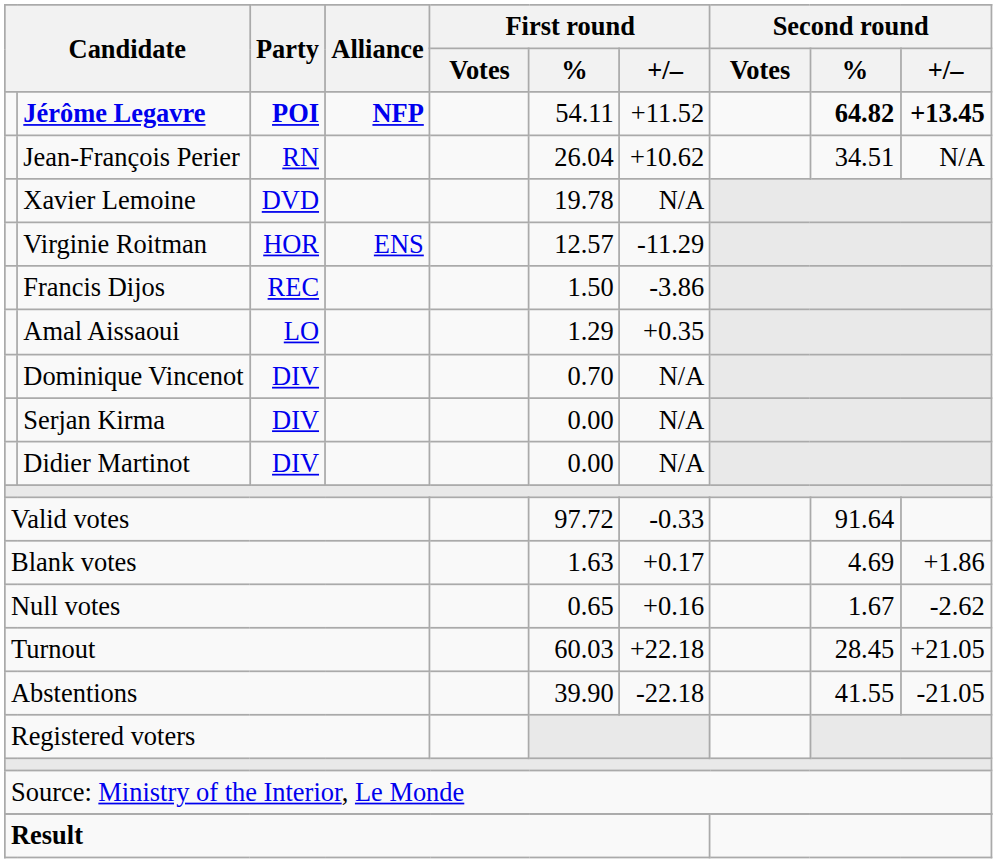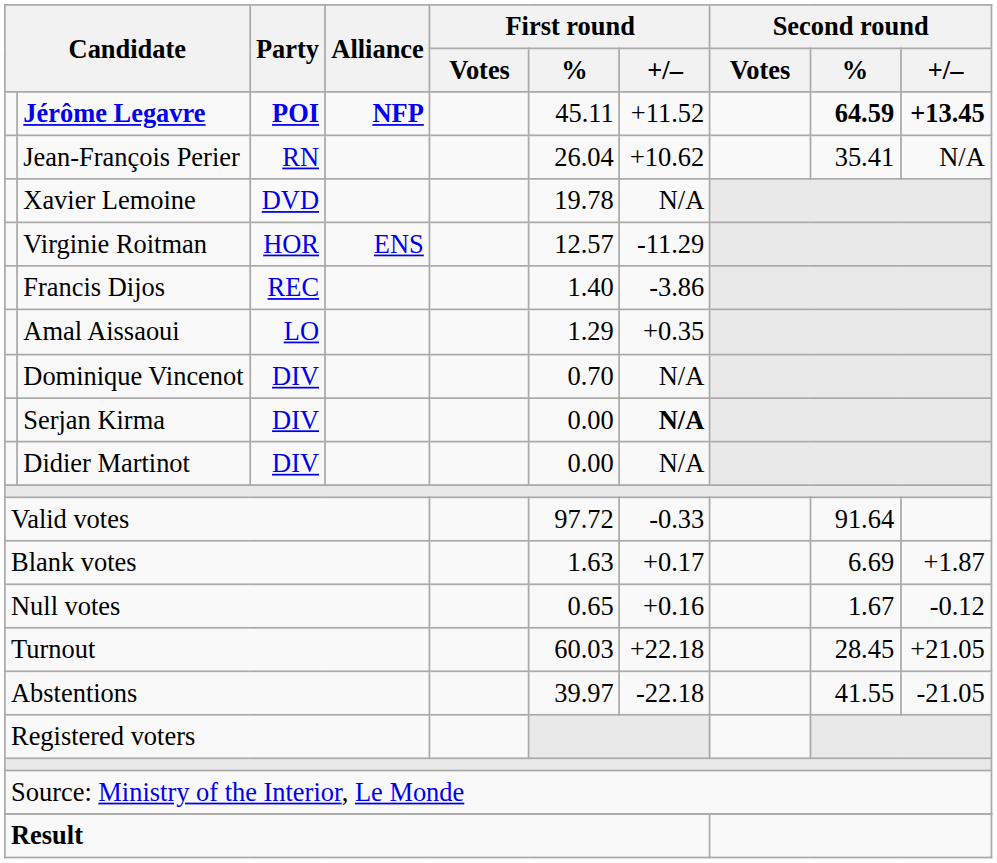 <table class="wikitable" style="text-align:right;font-size:95%;">
 <tr>
 <th rowspan="2" colspan="2">Candidate</th>
 <th rowspan="2">Party</th>
 <th rowspan="2">Alliance</th>
 <th colspan="3">First round</th>
 <th colspan="3">Second round</th>
 </tr>
 <tr>
 <th style="width:50px;">Votes</th>
 <th style="width:45px;">%</th>
 <th style="width:45px;">+/–</th>
 <th style="width:50px;">Votes</th>
 <th style="width:45px;">%</th>
 <th style="width:45px;">+/–</th>
 </tr>
 <tr>
 <td style="color:inherit;background:"></td>
 <td style="text-align:left;"><strong><a href='#'>Jérôme Legavre</a></strong></td>
 <td><a href='#'><strong>POI</strong></a></td>
 <td><a href='#'><strong>NFP</strong></a></td>
 <td></td>
-<td>54.11</td>
+<td>45.11</td>
 <td>+11.52</td>
 <td><strong></strong></td>
-<td><strong>64.82</strong></td>
+<td><strong>64.59</strong></td>
 <td><strong>+13.45</strong></td>
 </tr>
 <tr>
 <td style="color:inherit;background:"></td>
 <td style="text-align:left;">Jean-François Perier</td>
 <td><a href='#'>RN</a></td>
 <td></td>
 <td></td>
 <td>26.04</td>
 <td>+10.62</td>
 <td></td>
-<td>34.51</td>
+<td>35.41</td>
 <td>N/A</td>
 </tr>
 <tr>
 <td style="color:inherit;background:"></td>
 <td style="text-align:left;">Xavier Lemoine</td>
 <td><a href='#'>DVD</a></td>
 <td></td>
 <td></td>
 <td>19.78</td>
 <td>N/A</td>
 <td colspan="3" style="background:#E9E9E9;"></td>
 </tr>
 <tr>
 <td style="color:inherit;background:"></td>
 <td style="text-align:left;">Virginie Roitman</td>
 <td><a href='#'>HOR</a></td>
 <td><a href='#'>ENS</a></td>
 <td></td>
 <td>12.57</td>
 <td>-11.29</td>
 <td colspan="3" style="background:#E9E9E9;"></td>
 </tr>
 <tr>
 <td style="color:inherit;background:"></td>
 <td style="text-align:left;">Francis Dijos</td>
 <td><a href='#'>REC</a></td>
 <td></td>
 <td></td>
-<td>1.50</td>
+<td>1.40</td>
 <td>-3.86</td>
 <td colspan="3" style="background:#E9E9E9;"></td>
 </tr>
 <tr>
 <td style="color:inherit;background:"></td>
 <td style="text-align:left;">Amal Aissaoui</td>
 <td><a href='#'>LO</a></td>
 <td></td>
 <td></td>
 <td>1.29</td>
 <td>+0.35</td>
 <td colspan="3" style="background:#E9E9E9;"></td>
 </tr>
 <tr>
 <td style="color:inherit;background:"></td>
 <td style="text-align:left;">Dominique Vincenot</td>
 <td><a href='#'>DIV</a></td>
 <td></td>
 <td></td>
 <td>0.70</td>
 <td>N/A</td>
 <td colspan="3" style="background:#E9E9E9;"></td>
 </tr>
 <tr>
 <td style="color:inherit;background:"></td>
 <td style="text-align:left;">Serjan Kirma</td>
 <td><a href='#'>DIV</a></td>
 <td></td>
 <td></td>
 <td>0.00</td>
-<td>N/A</td>
+<td><strong>N/A</strong></td>
 <td colspan="3" style="background:#E9E9E9;"></td>
 </tr>
 <tr>
 <td style="color:inherit;background:"></td>
 <td style="text-align:left;">Didier Martinot</td>
 <td><a href='#'>DIV</a></td>
 <td></td>
 <td></td>
 <td>0.00</td>
 <td>N/A</td>
 <td colspan="3" style="background:#E9E9E9;"></td>
 </tr>
 <tr>
 <td colspan="10" style="background:#E9E9E9;"></td>
 </tr>
 <tr>
 <td colspan="4" style="text-align:left;">Valid votes</td>
 <td></td>
 <td>97.72</td>
 <td>-0.33</td>
 <td></td>
 <td>91.64</td>
 <td></td>
 </tr>
 <tr>
 <td colspan="4" style="text-align:left;">Blank votes</td>
 <td></td>
 <td>1.63</td>
 <td>+0.17</td>
 <td></td>
-<td>4.69</td>
-<td>+1.86</td>
+<td>6.69</td>
+<td>+1.87</td>
 </tr>
 <tr>
 <td colspan="4" style="text-align:left;">Null votes</td>
 <td></td>
 <td>0.65</td>
 <td>+0.16</td>
 <td></td>
 <td>1.67</td>
-<td>-2.62</td>
+<td>-0.12</td>
 </tr>
 <tr>
 <td colspan="4" style="text-align:left;">Turnout</td>
 <td></td>
 <td>60.03</td>
 <td>+22.18</td>
 <td></td>
 <td>28.45</td>
 <td>+21.05</td>
 </tr>
 <tr>
 <td colspan="4" style="text-align:left;">Abstentions</td>
 <td></td>
-<td>39.90</td>
+<td>39.97</td>
 <td>-22.18</td>
 <td></td>
 <td>41.55</td>
 <td>-21.05</td>
 </tr>
 <tr>
 <td colspan="4" style="text-align:left;">Registered voters</td>
 <td></td>
 <td colspan="2" style="background:#E9E9E9;"></td>
 <td></td>
 <td colspan="2" style="background:#E9E9E9;"></td>
 </tr>
 <tr>
 <td colspan="10" style="background:#E9E9E9;"></td>
 </tr>
 <tr>
 <td colspan="10" style="text-align:left;">Source: <a href='#'>Ministry of the Interior</a>, <a href='#'>Le Monde</a></td>
 </tr>
 <tr>
 </tr>
 <tr style="font-weight:bold">
 <td colspan="7" style="text-align:left;">Result</td>
 <td colspan="7" style="background-color:"></td>
 </tr>
 </table>
